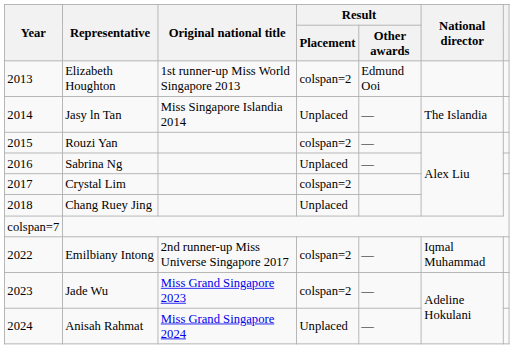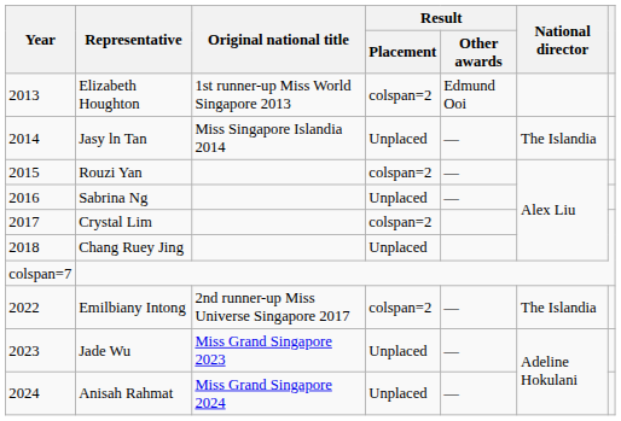 <table class="wikitable defaultcenter" style="font-size:95%;">
 <tr>
 <th rowspan=2>Year</th>
 <th rowspan=2>Representative</th>
 <th rowspan=2>Original national title</th>
 <th colspan=2>Result</th>
 <th rowspan=2>National director</th>
 <th rowspan=2></th>
 </tr>
 <tr>
 <th>Placement</th>
 <th>Other awards</th>
 </tr>
 <tr>
 <td>2013</td>
 <td>Elizabeth Houghton</td>
 <td>1st runner-up Miss World Singapore 2013</td>
 <td>colspan=2 </td>
 <td>Edmund Ooi</td>
 <td></td>
 </tr>
 <tr>
 <td>2014</td>
 <td>Jasy ln Tan</td>
 <td>Miss Singapore Islandia 2014</td>
 <td>Unplaced</td>
 <td>—</td>
 <td>The Islandia</td>
 <td></td>
 </tr>
 <tr>
 <td>2015</td>
 <td>Rouzi Yan</td>
 <td></td>
 <td>colspan=2 </td>
 <td>—</td>
 <td rowspan=4>Alex Liu</td>
 <td></td>
 </tr>
 <tr>
 <td>2016</td>
 <td>Sabrina Ng</td>
 <td></td>
 <td>Unplaced</td>
 <td>—</td>
 <td></td>
 </tr>
 <tr>
 <td>2017</td>
 <td>Crystal Lim</td>
 <td></td>
 <td>colspan=2 </td>
 <td></td>
 </tr>
 <tr>
 <td>2018</td>
 <td>Chang Ruey Jing</td>
 <td></td>
 <td>Unplaced</td>
 <td></td>
 </tr>
 <tr>
 <td>colspan=7 </td>
 </tr>
 <tr>
 <td>2022</td>
 <td>Emilbiany Intong</td>
 <td>2nd runner-up Miss Universe Singapore 2017</td>
 <td>colspan=2 </td>
 <td>—</td>
-<td>Iqmal Muhammad</td>
+<td>The Islandia</td>
 <td></td>
 </tr>
 <tr>
 <td>2023</td>
 <td>Jade Wu</td>
 <td><a href='#'>Miss Grand Singapore 2023</a></td>
-<td>colspan=2 </td>
+<td>Unplaced</td>
 <td>—</td>
 <td rowspan=2>Adeline Hokulani</td>
 <td></td>
 </tr>
 <tr>
 <td>2024</td>
 <td>Anisah Rahmat</td>
 <td><a href='#'>Miss Grand Singapore 2024</a></td>
 <td>Unplaced</td>
 <td>—</td>
 <td><br></td>
 </tr>
 </table>
